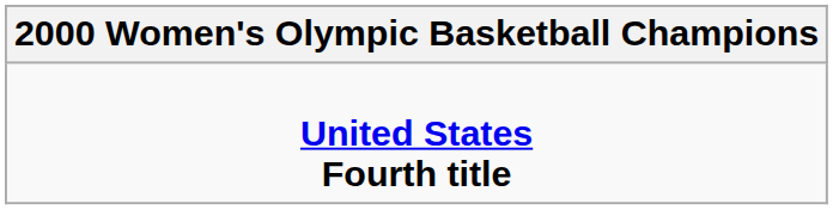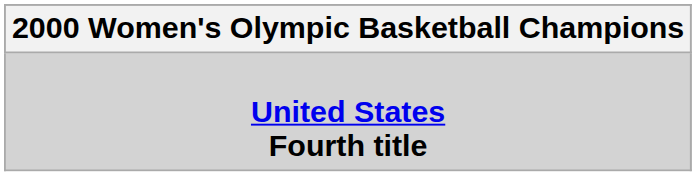 <table class=wikitable style="text-align:center;">
 <tr>
 <th>2000 Women's Olympic Basketball Champions</th>
 </tr>
 <tr>
-<td> <br> <strong><a href='#'>United States</a></strong> <br> <strong>Fourth title</strong></td>
+<td style="background: lightgrey;"> <br> <strong><a href='#'>United States</a></strong> <br> <strong>Fourth title</strong></td>
 </tr>
 </table>
